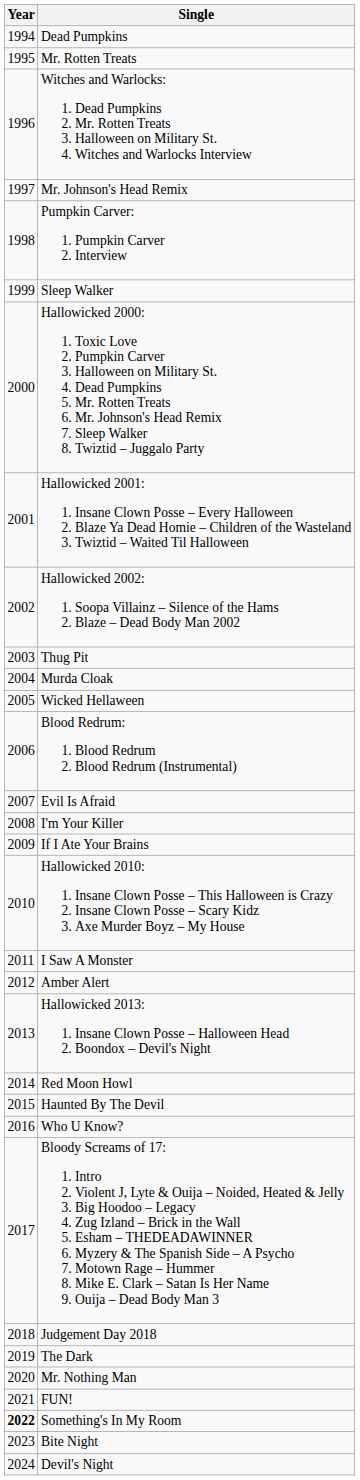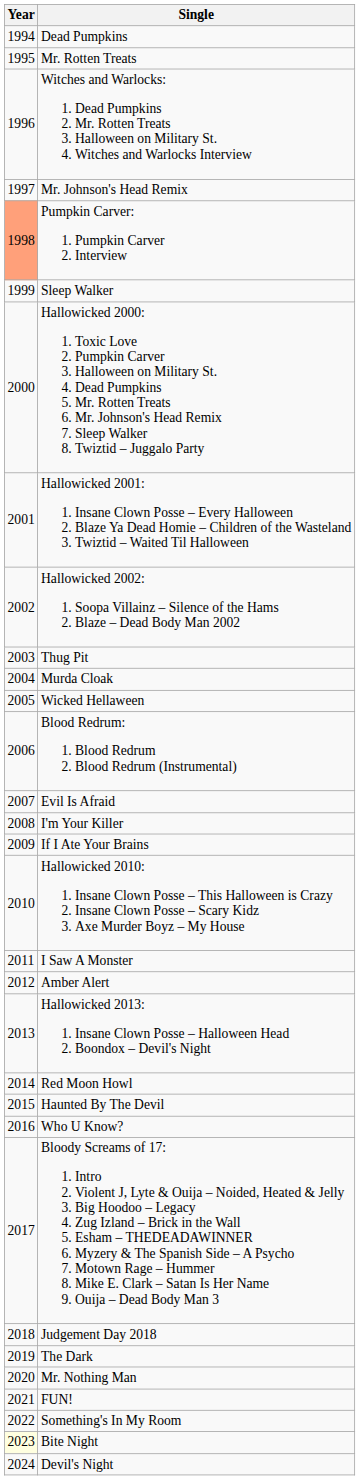 <table class="wikitable">
 <tr>
 <th>Year</th>
 <th>Single</th>
 </tr>
 <tr>
 <td>1994</td>
 <td>Dead Pumpkins</td>
 </tr>
 <tr>
 <td>1995</td>
 <td>Mr. Rotten Treats</td>
 </tr>
 <tr>
 <td>1996</td>
 <td>Witches and Warlocks:<br><ol><li>Dead Pumpkins</li><li>Mr. Rotten Treats</li><li>Halloween on Military St.</li><li>Witches and Warlocks Interview</li></ol></td>
 </tr>
 <tr>
 <td>1997</td>
 <td>Mr. Johnson's Head Remix</td>
 </tr>
 <tr>
-<td>1998</td>
+<td style="background: lightsalmon;">1998</td>
 <td>Pumpkin Carver:<br><ol><li>Pumpkin Carver</li><li>Interview</li></ol></td>
 </tr>
 <tr>
 <td>1999</td>
 <td>Sleep Walker</td>
 </tr>
 <tr>
 <td>2000</td>
 <td>Hallowicked 2000:<br><ol><li>Toxic Love</li><li>Pumpkin Carver</li><li>Halloween on Military St.</li><li>Dead Pumpkins</li><li>Mr. Rotten Treats</li><li>Mr. Johnson's Head Remix</li><li>Sleep Walker</li><li>Twiztid – Juggalo Party</li></ol></td>
 </tr>
 <tr>
 <td>2001</td>
 <td>Hallowicked 2001:<br><ol><li>Insane Clown Posse – Every Halloween</li><li>Blaze Ya Dead Homie – Children of the Wasteland</li><li>Twiztid – Waited Til Halloween</li></ol></td>
 </tr>
 <tr>
 <td>2002</td>
 <td>Hallowicked 2002:<br><ol><li>Soopa Villainz – Silence of the Hams</li><li>Blaze – Dead Body Man 2002</li></ol></td>
 </tr>
 <tr>
 <td>2003</td>
 <td>Thug Pit</td>
 </tr>
 <tr>
 <td>2004</td>
 <td>Murda Cloak</td>
 </tr>
 <tr>
 <td>2005</td>
 <td>Wicked Hellaween</td>
 </tr>
 <tr>
 <td>2006</td>
 <td>Blood Redrum:<br><ol><li>Blood Redrum</li><li>Blood Redrum (Instrumental)</li></ol></td>
 </tr>
 <tr>
 <td>2007</td>
 <td>Evil Is Afraid</td>
 </tr>
 <tr>
 <td>2008</td>
 <td>I'm Your Killer</td>
 </tr>
 <tr>
 <td>2009</td>
 <td>If I Ate Your Brains</td>
 </tr>
 <tr>
 <td>2010</td>
 <td>Hallowicked 2010:<br><ol><li>Insane Clown Posse – This Halloween is Crazy</li><li>Insane Clown Posse – Scary Kidz</li><li>Axe Murder Boyz – My House</li></ol></td>
 </tr>
 <tr>
 <td>2011</td>
 <td>I Saw A Monster</td>
 </tr>
 <tr>
 <td>2012</td>
 <td>Amber Alert</td>
 </tr>
 <tr>
 <td>2013</td>
 <td>Hallowicked 2013:<br><ol><li>Insane Clown Posse – Halloween Head</li><li>Boondox – Devil's Night</li></ol></td>
 </tr>
 <tr>
 <td>2014</td>
 <td>Red Moon Howl</td>
 </tr>
 <tr>
 <td>2015</td>
 <td>Haunted By The Devil</td>
 </tr>
 <tr>
 <td>2016</td>
 <td>Who U Know?</td>
 </tr>
 <tr>
 <td>2017</td>
 <td>Bloody Screams of 17:<br><ol><li>Intro</li><li>Violent J, Lyte & Ouija – Noided, Heated & Jelly</li><li>Big Hoodoo – Legacy</li><li>Zug Izland – Brick in the Wall</li><li>Esham – THEDEADAWINNER</li><li>Myzery & The Spanish Side – A Psycho</li><li>Motown Rage – Hummer</li><li>Mike E. Clark – Satan Is Her Name</li><li>Ouija – Dead Body Man 3</li></ol></td>
 </tr>
 <tr>
 <td>2018</td>
 <td>Judgement Day 2018</td>
 </tr>
 <tr>
 <td>2019</td>
 <td>The Dark</td>
 </tr>
 <tr>
 <td>2020</td>
 <td>Mr. Nothing Man</td>
 </tr>
 <tr>
 <td>2021</td>
 <td>FUN!</td>
 </tr>
 <tr>
-<td><strong>2022</strong></td>
+<td>2022</td>
 <td>Something's In My Room</td>
 </tr>
 <tr>
-<td>2023</td>
+<td style="background: lightyellow;">2023</td>
 <td>Bite Night</td>
 </tr>
 <tr>
 <td>2024</td>
 <td>Devil's Night</td>
 </tr>
 </table>
